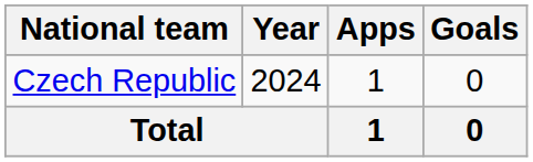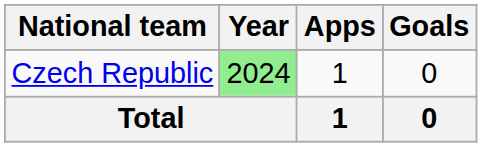 <table class="wikitable" style="text-align:center">
 <tr>
 <th>National team</th>
 <th>Year</th>
 <th>Apps</th>
 <th>Goals</th>
 </tr>
 <tr>
 <td rowspan="1"><a href='#'>Czech Republic</a></td>
-<td>2024</td>
+<td style="background: lightgreen;">2024</td>
 <td>1</td>
 <td>0</td>
 </tr>
 <tr>
 <th colspan="2">Total</th>
 <th>1</th>
 <th>0</th>
 </tr>
 </table>
